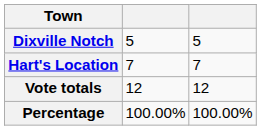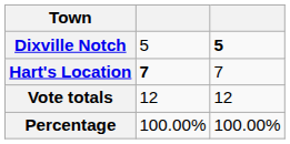 <table class="wikitable sortable" style=margin:auto;margin:auto>
 <tr valign=bottom>
 <th>Town</th>
 <th></th>
 <th></th>
 </tr>
 <tr>
 <th><a href='#'>Dixville Notch</a></th>
 <td>5</td>
-<td>5</td>
+<td><strong>5</strong></td>
 </tr>
 <tr>
 <th><a href='#'>Hart's Location</a></th>
-<td>7</td>
+<td><strong>7</strong></td>
 <td>7</td>
 </tr>
 <tr>
 <th>Vote totals</th>
 <td>12</td>
 <td>12</td>
 </tr>
 <tr>
 <th>Percentage</th>
 <td>100.00%</td>
 <td>100.00%</td>
 </tr>
 </table>
